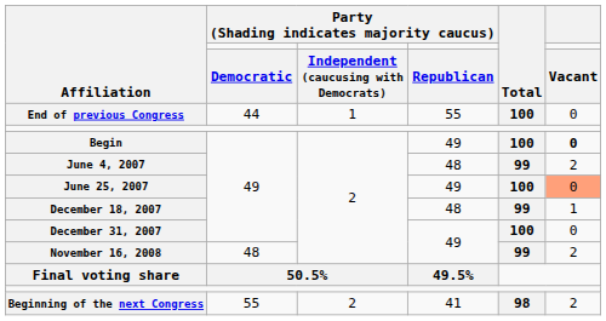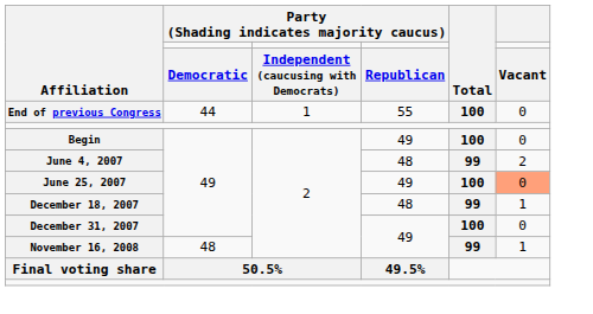 <table class="wikitable" style="text-align:center">
 <tr style="vertical-align:bottom;">
 <th rowspan=3>Affiliation</th>
 <th colspan=3>Party <div>(Shading indicates majority caucus)</div></th>
 <th rowspan=3>Total</th>
 <th> </th>
 </tr>
 <tr style="height:5px">
 <td style="background-color:"></td>
 <td style="background-color:"></td>
 <td style="background-color:"></td>
 <td style="background-color:"></td>
 </tr>
 <tr>
 <th><a href='#'>Democratic</a></th>
 <th><a href='#'>Independent</a><br><small>(caucusing with<br>Democrats)</small></th>
 <th><a href='#'>Republican</a></th>
 <th>Vacant</th>
 </tr>
 <tr>
 <th style="white-space:nowrap; font-size:80%;">End of <a href='#'>previous Congress</a></th>
 <td>44</td>
 <td>1</td>
 <td>55</td>
 <th>100</th>
 <td>0</td>
 </tr>
 <tr>
 <td colspan=6></td>
 </tr>
 <tr>
 <th style="white-space:nowrap; font-size:80%;">Begin</th>
 <td rowspan=5 >49</td>
 <td rowspan=6 >2</td>
 <td>49</td>
 <th>100</th>
-<td><strong>0</strong></td>
+<td>0</td>
 </tr>
 <tr>
 <th style="white-space:nowrap; font-size:80%;">June 4, 2007</th>
 <td>48</td>
 <th>99</th>
 <td>2</td>
 </tr>
 <tr>
 <th style="white-space:nowrap; font-size:80%;">June 25, 2007</th>
 <td>49</td>
 <th>100</th>
 <td style="background: lightsalmon;">0</td>
 </tr>
 <tr>
 <th style="white-space:nowrap; font-size:80%;">December 18, 2007</th>
 <td>48</td>
 <th>99</th>
 <td>1</td>
 </tr>
 <tr>
 <th style="white-space:nowrap; font-size:80%;">December 31, 2007</th>
 <td rowspan=2>49</td>
 <th>100</th>
 <td>0</td>
 </tr>
 <tr>
 <th style="white-space:nowrap; font-size:80%;">November 16, 2008</th>
 <td>48</td>
 <th>99</th>
-<td>2</td>
+<td>1</td>
 </tr>
 <tr>
 <th>Final voting share</th>
 <th colspan=2 >50.5% </th>
 <th>49.5% </th>
 <td colspan=2></td>
 </tr>
 <tr>
 <td colspan=6></td>
 </tr>
-<tr>
-<th style="white-space:nowrap; font-size:80%;">Beginning of the <a href='#'>next Congress</a></th>
-<td>55</td>
-<td>2</td>
-<td>41</td>
-<th>98</th>
-<td>2</td>
-</tr>
 </table>
